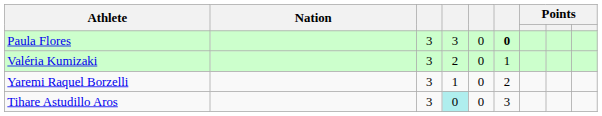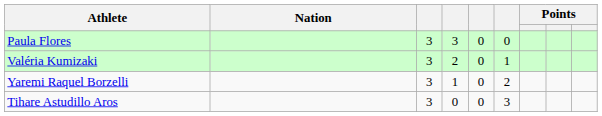 <table class="wikitable" style="text-align: center; font-size:100% ">
 <tr>
 <th rowspan=2 width=250>Athlete</th>
 <th rowspan=2 width=250>Nation</th>
 <th rowspan=2 width=25></th>
 <th rowspan=2 width=25></th>
 <th rowspan=2 width=25></th>
 <th rowspan=2 width=25></th>
 <th colspan=3>Points</th>
 </tr>
 <tr>
 <th width=25></th>
 <th width=25></th>
 <th width=25></th>
 </tr>
 <tr bgcolor="ccffcc">
 <td align=left><a href='#'>Paula Flores</a></td>
 <td align=left></td>
 <td>3</td>
 <td>3</td>
 <td>0</td>
-<td><strong>0</strong></td>
+<td>0</td>
 <td></td>
 <td></td>
 <td></td>
 </tr>
 <tr bgcolor="ccffcc">
 <td align=left><a href='#'>Valéria Kumizaki</a></td>
 <td align=left></td>
 <td>3</td>
 <td>2</td>
 <td>0</td>
 <td>1</td>
 <td></td>
 <td></td>
 <td></td>
 </tr>
 <tr>
 <td align=left><a href='#'>Yaremi Raquel Borzelli</a></td>
 <td align=left></td>
 <td>3</td>
 <td>1</td>
 <td>0</td>
 <td>2</td>
 <td></td>
 <td></td>
 <td></td>
 </tr>
 <tr>
 <td align=left><a href='#'>Tihare Astudillo Aros</a></td>
 <td align=left></td>
 <td>3</td>
-<td style="background: paleturquoise;">0</td>
+<td>0</td>
 <td>0</td>
 <td>3</td>
 <td></td>
 <td></td>
 <td></td>
 </tr>
 </table>
